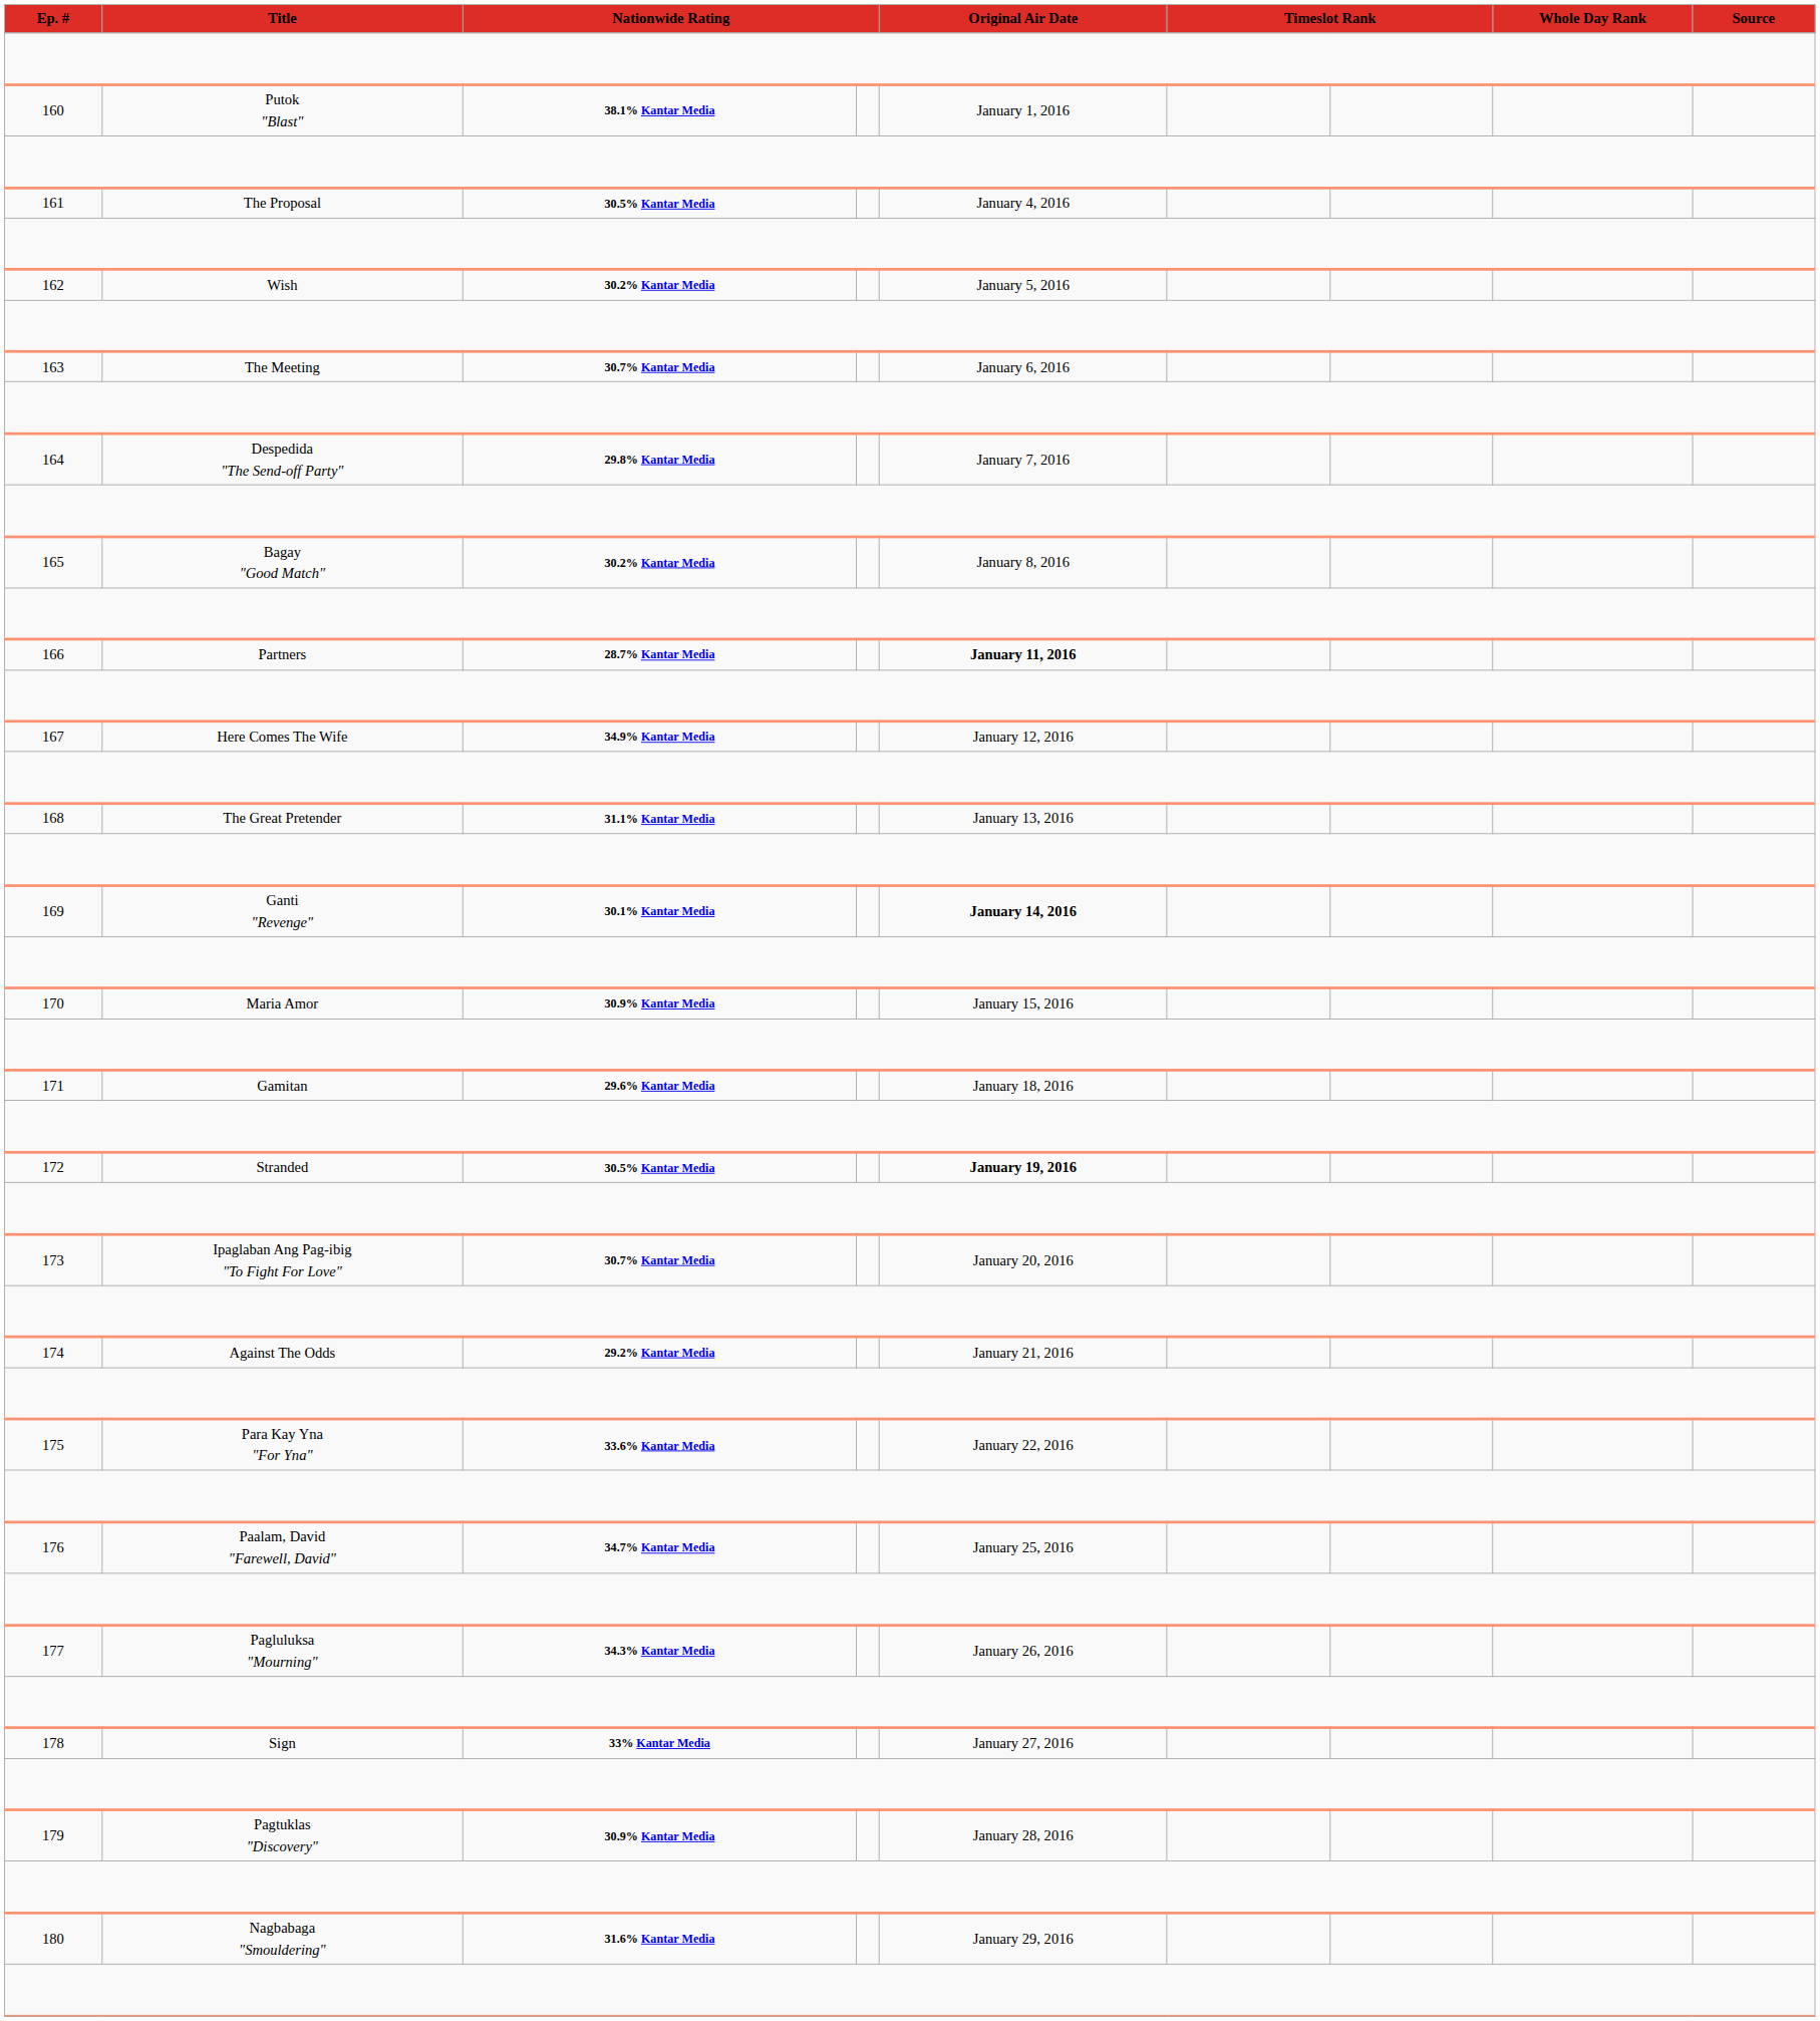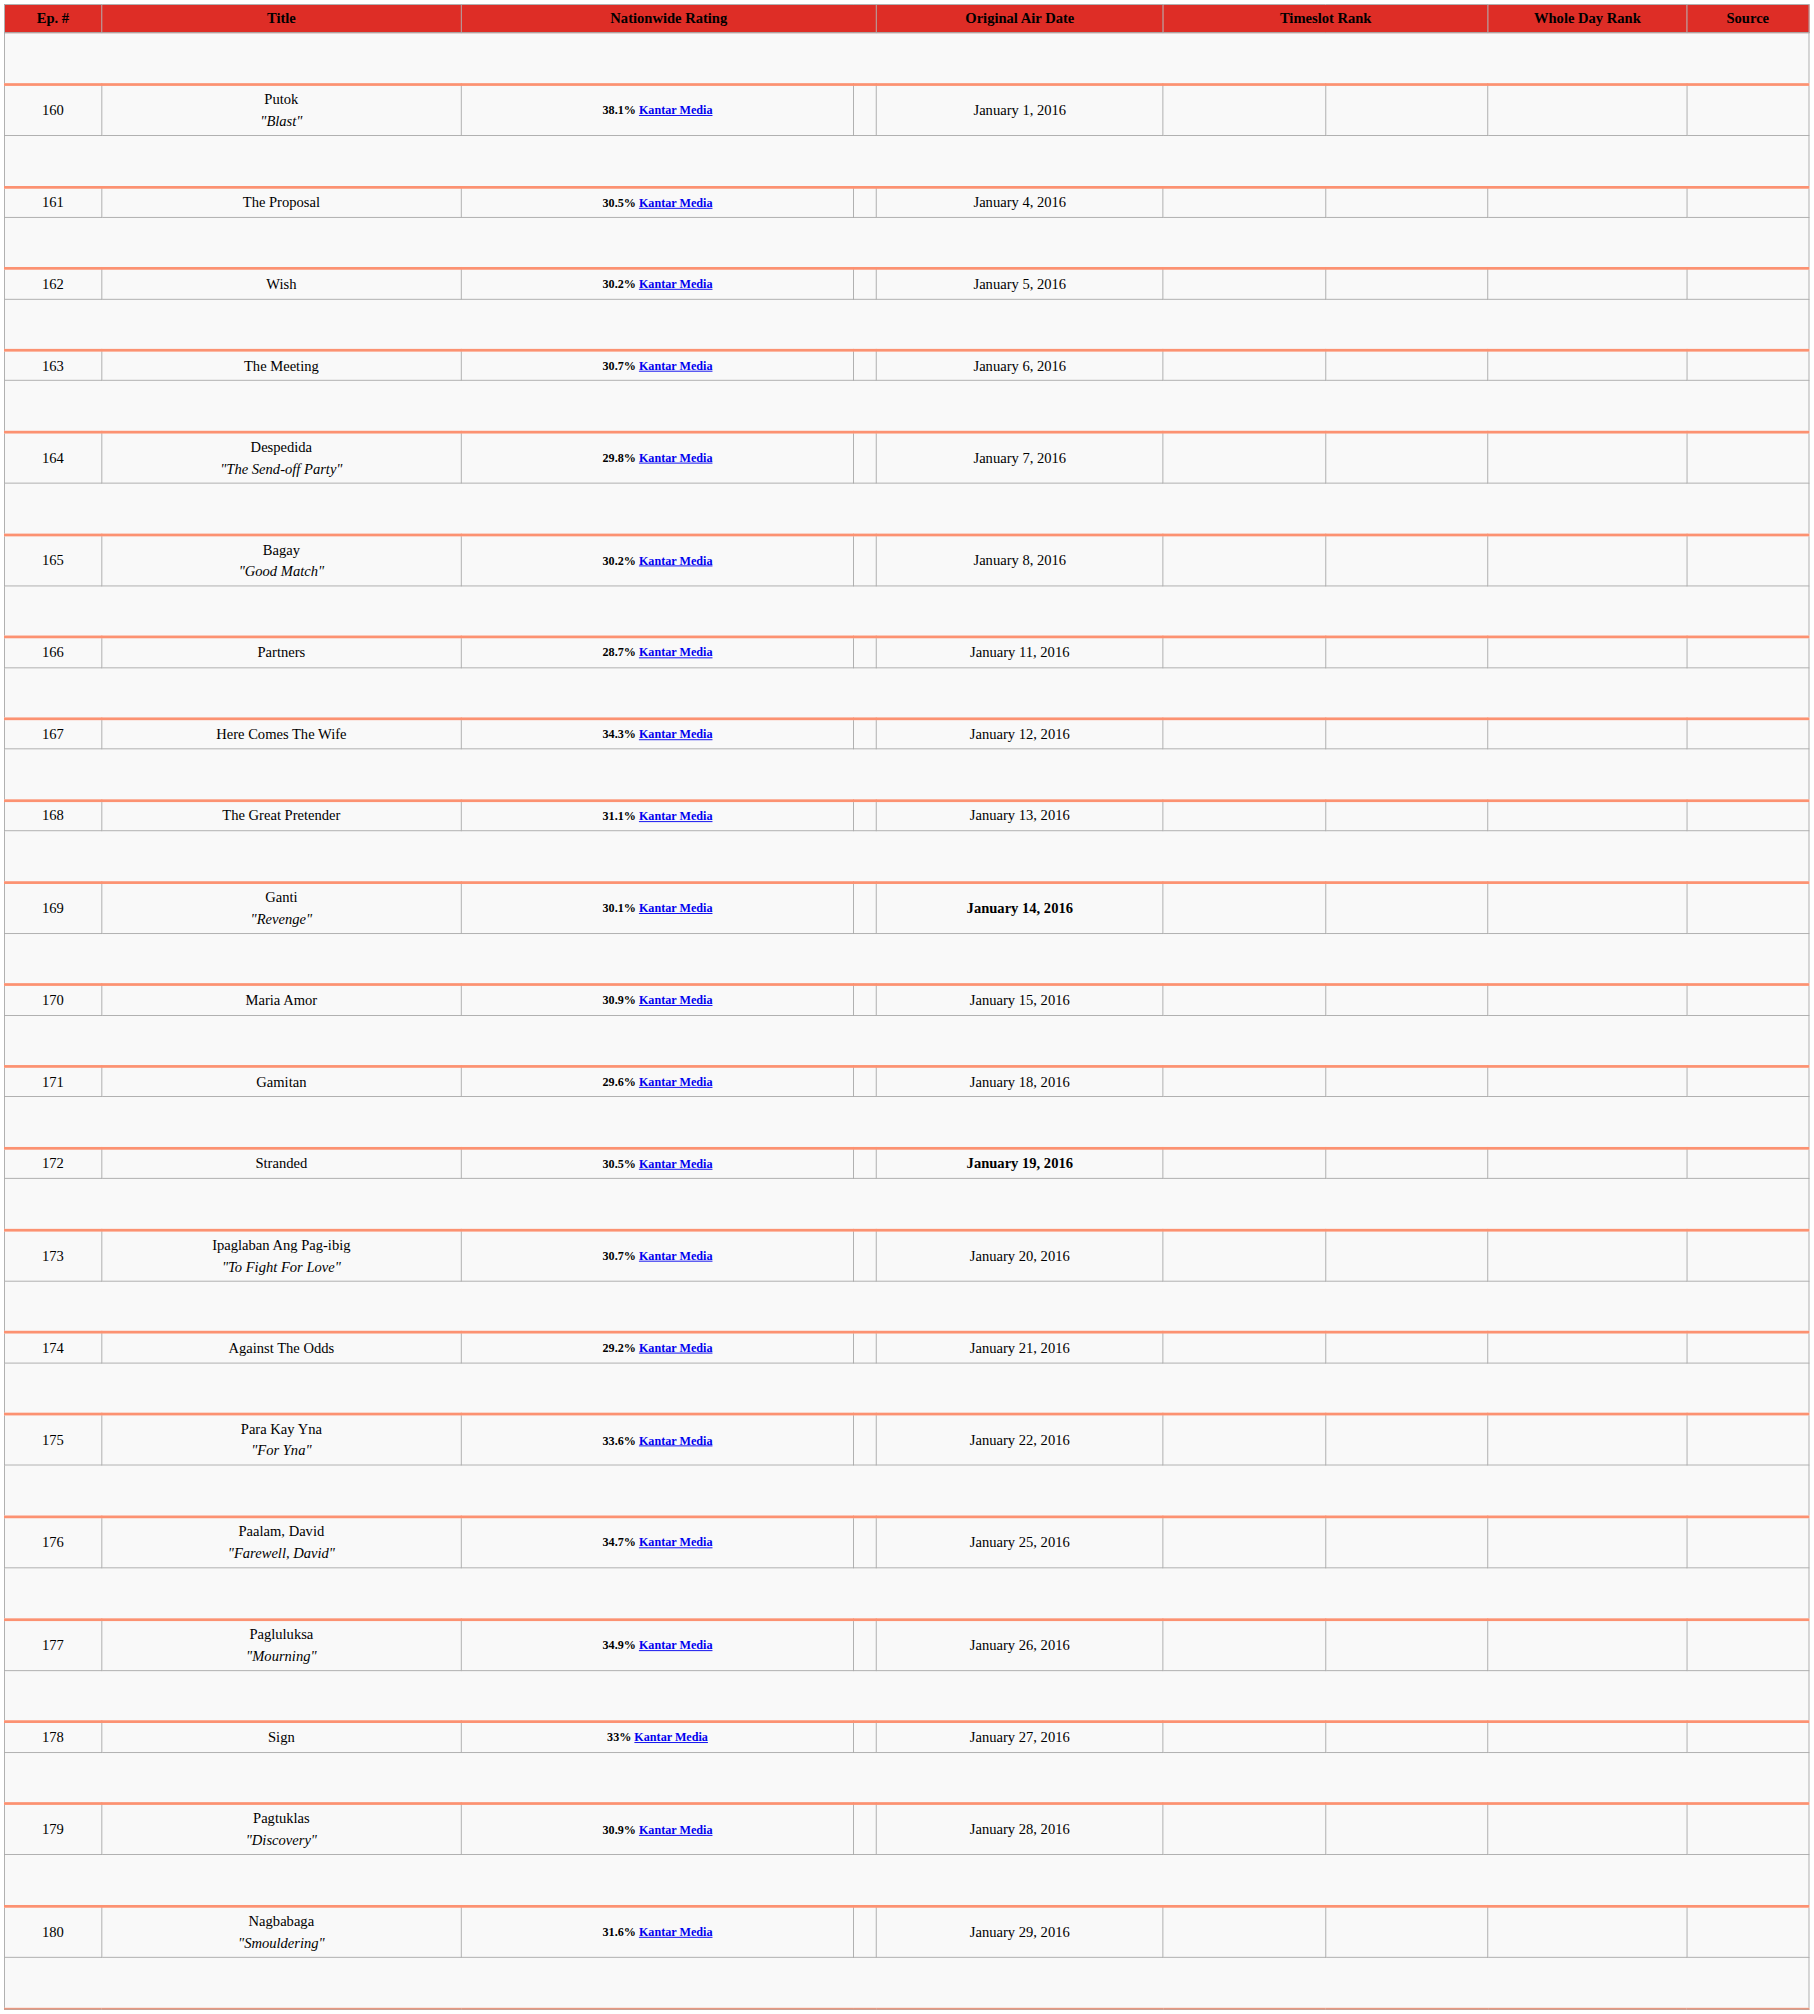 <table class="wikitable" style="text-align: center; background:#f9f9f9; line-height:16px; line-height:150%" width="100%">
 <tr style="color:black;">
 <th style="background:#de2d26;">Ep. #</th>
 <th style="background:#de2d26;">Title</th>
 <th style="background:#de2d26;" colspan="2" width="23%">Nationwide Rating</th>
 <th style="background:#de2d26;">Original Air Date</th>
 <th style="background:#de2d26;" colspan="2" width="18%">Timeslot Rank</th>
 <th style="background:#de2d26;" width="11%">Whole Day Rank</th>
 <th style="background:#de2d26;">Source</th>
 </tr>
 <tr style="text-align: center">
 </tr>
 <tr style="text-align: center">
 <td colspan = "10" style="text-align: left; border-bottom: 3px solid #fc9272;"><br><br></td>
 </tr>
 <tr style="text-align: center">
 <td>160</td>
 <td>Putok <br> <em>"Blast"</em></td>
 <td><small><strong>38.1% <a href='#'>Kantar Media</a></strong></small></td>
 <td></td>
 <td>January 1, 2016</td>
 <td></td>
 <td></td>
 <td></td>
 </tr>
 <tr style="text-align: center">
 <td colspan = "10" style="text-align: left; border-bottom: 3px solid #fc9272;"><br><br></td>
 </tr>
 <tr style="text-align: center">
 <td>161</td>
 <td>The Proposal</td>
 <td><small><strong>30.5% <a href='#'>Kantar Media</a></strong></small></td>
 <td></td>
 <td>January 4, 2016</td>
 <td></td>
 <td></td>
 <td></td>
 </tr>
 <tr style="text-align: center">
 <td colspan = "10" style="text-align: left; border-bottom: 3px solid #fc9272;"><br><br></td>
 </tr>
 <tr style="text-align: center">
 <td>162</td>
 <td>Wish</td>
 <td><small><strong>30.2% <a href='#'>Kantar Media</a></strong></small></td>
 <td></td>
 <td>January 5, 2016</td>
 <td></td>
 <td></td>
 <td></td>
 </tr>
 <tr style="text-align: center">
 <td colspan = "10" style="text-align: left; border-bottom: 3px solid #fc9272;"><br><br></td>
 </tr>
 <tr style="text-align: center">
 <td>163</td>
 <td>The Meeting</td>
 <td><small><strong>30.7% <a href='#'>Kantar Media</a></strong></small></td>
 <td></td>
 <td>January 6, 2016</td>
 <td></td>
 <td></td>
 <td></td>
 </tr>
 <tr style="text-align: center">
 <td colspan = "10" style="text-align: left; border-bottom: 3px solid #fc9272;"><br><br></td>
 </tr>
 <tr style="text-align: center">
 <td>164</td>
 <td>Despedida <br> <em>"The Send-off Party"</em></td>
 <td><small><strong>29.8% <a href='#'>Kantar Media</a></strong></small></td>
 <td></td>
 <td>January 7, 2016</td>
 <td></td>
 <td></td>
 <td></td>
 </tr>
 <tr style="text-align: center">
 <td colspan = "10" style="text-align: left; border-bottom: 3px solid #fc9272;"><br><br></td>
 </tr>
 <tr style="text-align: center">
 <td>165</td>
 <td>Bagay <br> <em>"Good Match"</em></td>
 <td><small><strong>30.2% <a href='#'>Kantar Media</a></strong></small></td>
 <td></td>
 <td>January 8, 2016</td>
 <td></td>
 <td></td>
 <td></td>
 </tr>
 <tr style="text-align: center">
 <td colspan = "10" style="text-align: left; border-bottom: 3px solid #fc9272;"><br><br></td>
 </tr>
 <tr style="text-align: center">
 <td>166</td>
 <td>Partners</td>
 <td><small><strong>28.7% <a href='#'>Kantar Media</a></strong></small></td>
 <td></td>
-<td><strong>January 11, 2016</strong></td>
+<td>January 11, 2016</td>
 <td></td>
 <td></td>
 <td></td>
 </tr>
 <tr style="text-align: center">
 <td colspan = "10" style="text-align: left; border-bottom: 3px solid #fc9272;"><br><br></td>
 </tr>
 <tr style="text-align: center">
 <td>167</td>
 <td>Here Comes The Wife</td>
-<td><small><strong>34.9% <a href='#'>Kantar Media</a></strong></small></td>
+<td><small><strong>34.3% <a href='#'>Kantar Media</a></strong></small></td>
 <td></td>
 <td>January 12, 2016</td>
 <td></td>
 <td></td>
 <td></td>
 </tr>
 <tr style="text-align: center">
 <td colspan = "10" style="text-align: left; border-bottom: 3px solid #fc9272;"><br><br></td>
 </tr>
 <tr style="text-align: center">
 <td>168</td>
 <td>The Great Pretender</td>
 <td><small><strong>31.1% <a href='#'>Kantar Media</a></strong></small></td>
 <td></td>
 <td>January 13, 2016</td>
 <td></td>
 <td></td>
 <td></td>
 </tr>
 <tr style="text-align: center">
 <td colspan = "10" style="text-align: left; border-bottom: 3px solid #fc9272;"><br><br></td>
 </tr>
 <tr style="text-align: center">
 <td>169</td>
 <td>Ganti <br> <em>"Revenge"</em></td>
 <td><small><strong>30.1% <a href='#'>Kantar Media</a></strong></small></td>
 <td></td>
 <td><strong>January 14, 2016</strong></td>
 <td></td>
 <td></td>
 <td></td>
 </tr>
 <tr style="text-align: center">
 <td colspan = "10" style="text-align: left; border-bottom: 3px solid #fc9272;"><br><br></td>
 </tr>
 <tr style="text-align: center">
 <td>170</td>
 <td>Maria Amor</td>
 <td><small><strong>30.9% <a href='#'>Kantar Media</a></strong></small></td>
 <td></td>
 <td>January 15, 2016</td>
 <td></td>
 <td></td>
 <td></td>
 </tr>
 <tr style="text-align: center">
 <td colspan = "10" style="text-align: left; border-bottom: 3px solid #fc9272;"><br><br></td>
 </tr>
 <tr style="text-align: center">
 <td>171</td>
 <td>Gamitan <br></td>
 <td><small><strong>29.6% <a href='#'>Kantar Media</a></strong></small></td>
 <td></td>
 <td>January 18, 2016</td>
 <td></td>
 <td></td>
 <td></td>
 </tr>
 <tr style="text-align: center">
 <td colspan = "10" style="text-align: left; border-bottom: 3px solid #fc9272;"><br><br></td>
 </tr>
 <tr style="text-align: center">
 <td>172</td>
 <td>Stranded</td>
 <td><small><strong>30.5% <a href='#'>Kantar Media</a></strong></small></td>
 <td></td>
 <td><strong>January 19, 2016</strong></td>
 <td></td>
 <td></td>
 <td></td>
 </tr>
 <tr style="text-align: center">
 <td colspan = "10" style="text-align: left; border-bottom: 3px solid #fc9272;"><br><br></td>
 </tr>
 <tr style="text-align: center">
 <td>173</td>
 <td>Ipaglaban Ang Pag-ibig <br> <em>"To Fight For Love"</em></td>
 <td><small><strong>30.7% <a href='#'>Kantar Media</a></strong></small></td>
 <td></td>
 <td>January 20, 2016</td>
 <td></td>
 <td></td>
 <td></td>
 </tr>
 <tr style="text-align: center">
 <td colspan = "10" style="text-align: left; border-bottom: 3px solid #fc9272;"><br><br></td>
 </tr>
 <tr style="text-align: center">
 <td>174</td>
 <td>Against The Odds</td>
 <td><small><strong>29.2% <a href='#'>Kantar Media</a></strong></small></td>
 <td></td>
 <td>January 21, 2016</td>
 <td></td>
 <td></td>
 <td></td>
 </tr>
 <tr style="text-align: center">
 <td colspan = "10" style="text-align: left; border-bottom: 3px solid #fc9272;"><br><br></td>
 </tr>
 <tr style="text-align: center">
 <td>175</td>
 <td>Para Kay Yna <br> <em>"For Yna"</em></td>
 <td><small><strong>33.6% <a href='#'>Kantar Media</a></strong></small></td>
 <td></td>
 <td>January 22, 2016</td>
 <td></td>
 <td></td>
 <td></td>
 </tr>
 <tr style="text-align: center">
 <td colspan = "10" style="text-align: left; border-bottom: 3px solid #fc9272;"><br><br></td>
 </tr>
 <tr style="text-align: center">
 <td>176</td>
 <td>Paalam, David <br> <em>"Farewell, David"</em></td>
 <td><small><strong>34.7% <a href='#'>Kantar Media</a></strong></small></td>
 <td></td>
 <td>January 25, 2016</td>
 <td></td>
 <td></td>
 <td></td>
 </tr>
 <tr style="text-align: center">
 <td colspan = "10" style="text-align: left; border-bottom: 3px solid #fc9272;"><br><br></td>
 </tr>
 <tr style="text-align: center">
 <td>177</td>
 <td>Pagluluksa <br> <em>"Mourning"</em></td>
-<td><small><strong>34.3% <a href='#'>Kantar Media</a></strong></small></td>
+<td><small><strong>34.9% <a href='#'>Kantar Media</a></strong></small></td>
 <td></td>
 <td>January 26, 2016</td>
 <td></td>
 <td></td>
 <td></td>
 </tr>
 <tr style="text-align: center">
 <td colspan = "10" style="text-align: left; border-bottom: 3px solid #fc9272;"><br><br></td>
 </tr>
 <tr style="text-align: center">
 <td>178</td>
 <td>Sign</td>
 <td><small><strong>33% <a href='#'>Kantar Media</a></strong></small></td>
 <td></td>
 <td>January 27, 2016</td>
 <td></td>
 <td></td>
 <td></td>
 </tr>
 <tr style="text-align: center">
 <td colspan = "10" style="text-align: left; border-bottom: 3px solid #fc9272;"><br><br></td>
 </tr>
 <tr style="text-align: center">
 <td>179</td>
 <td>Pagtuklas <br> <em>"Discovery"</em></td>
 <td><small><strong>30.9% <a href='#'>Kantar Media</a></strong></small></td>
 <td></td>
 <td>January 28, 2016</td>
 <td></td>
 <td></td>
 <td></td>
 </tr>
 <tr style="text-align: center">
 <td colspan = "10" style="text-align: left; border-bottom: 3px solid #fc9272;"><br><br></td>
 </tr>
 <tr style="text-align: center">
 <td>180</td>
 <td>Nagbabaga <br> <em>"Smouldering"</em></td>
 <td><small><strong>31.6% <a href='#'>Kantar Media</a></strong></small></td>
 <td></td>
 <td>January 29, 2016</td>
 <td></td>
 <td></td>
 <td></td>
 </tr>
 <tr style="text-align: center">
 <td colspan = "10" style="text-align: left; border-bottom: 3px solid #fc9272;"><br><br></td>
 </tr>
 <tr>
 </tr>
 </table>
